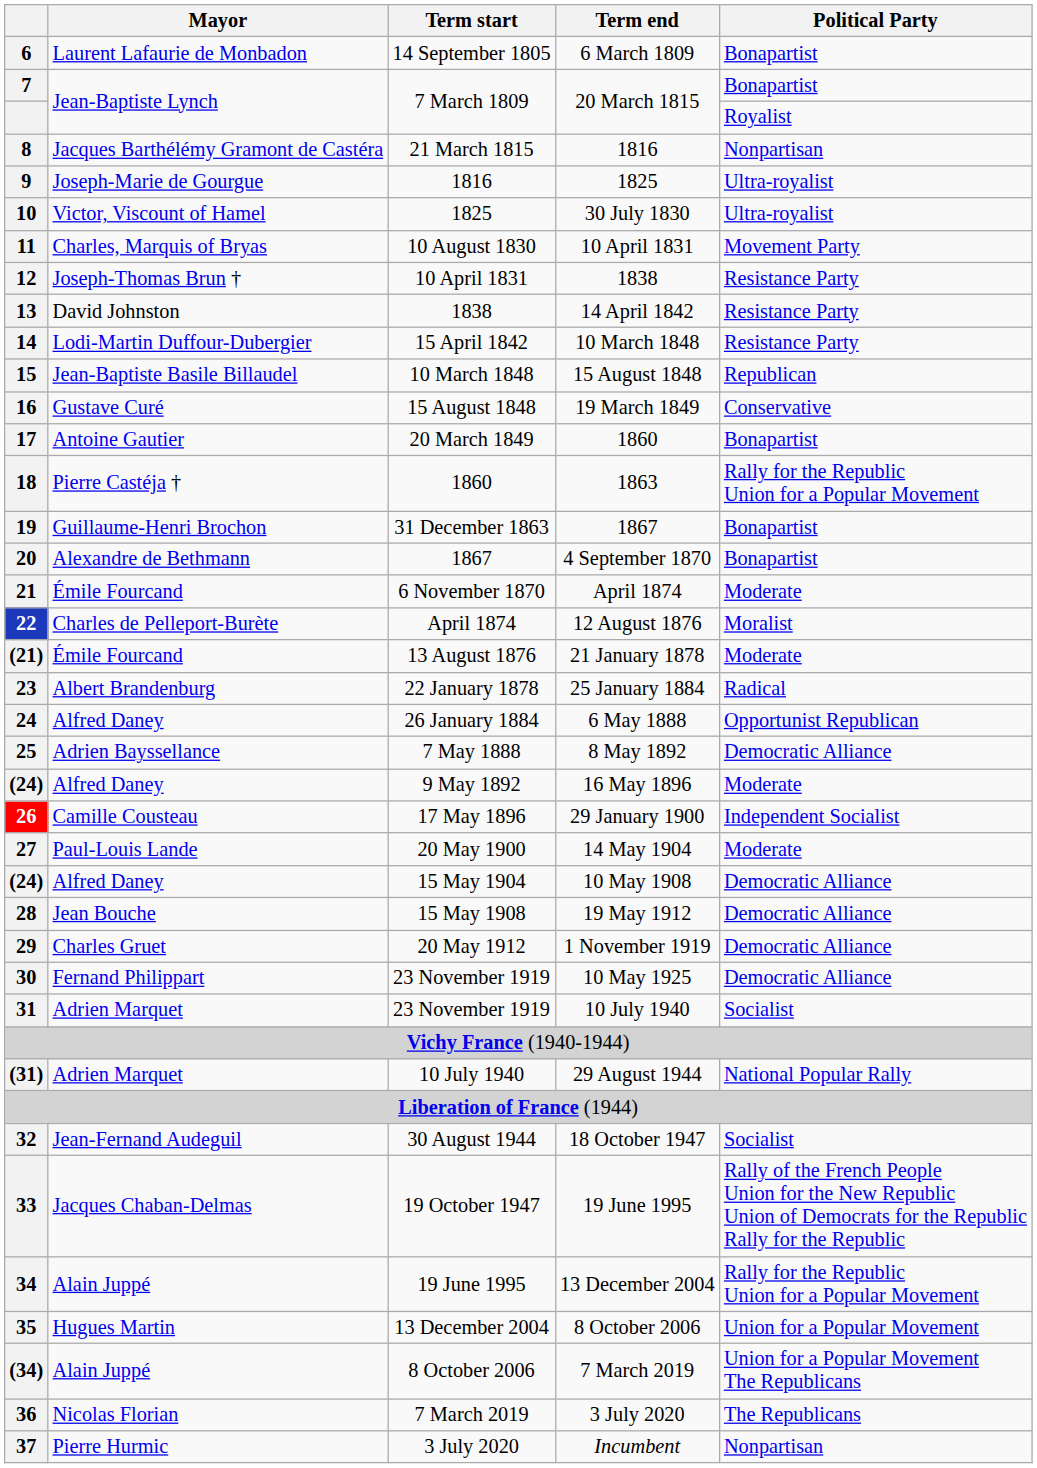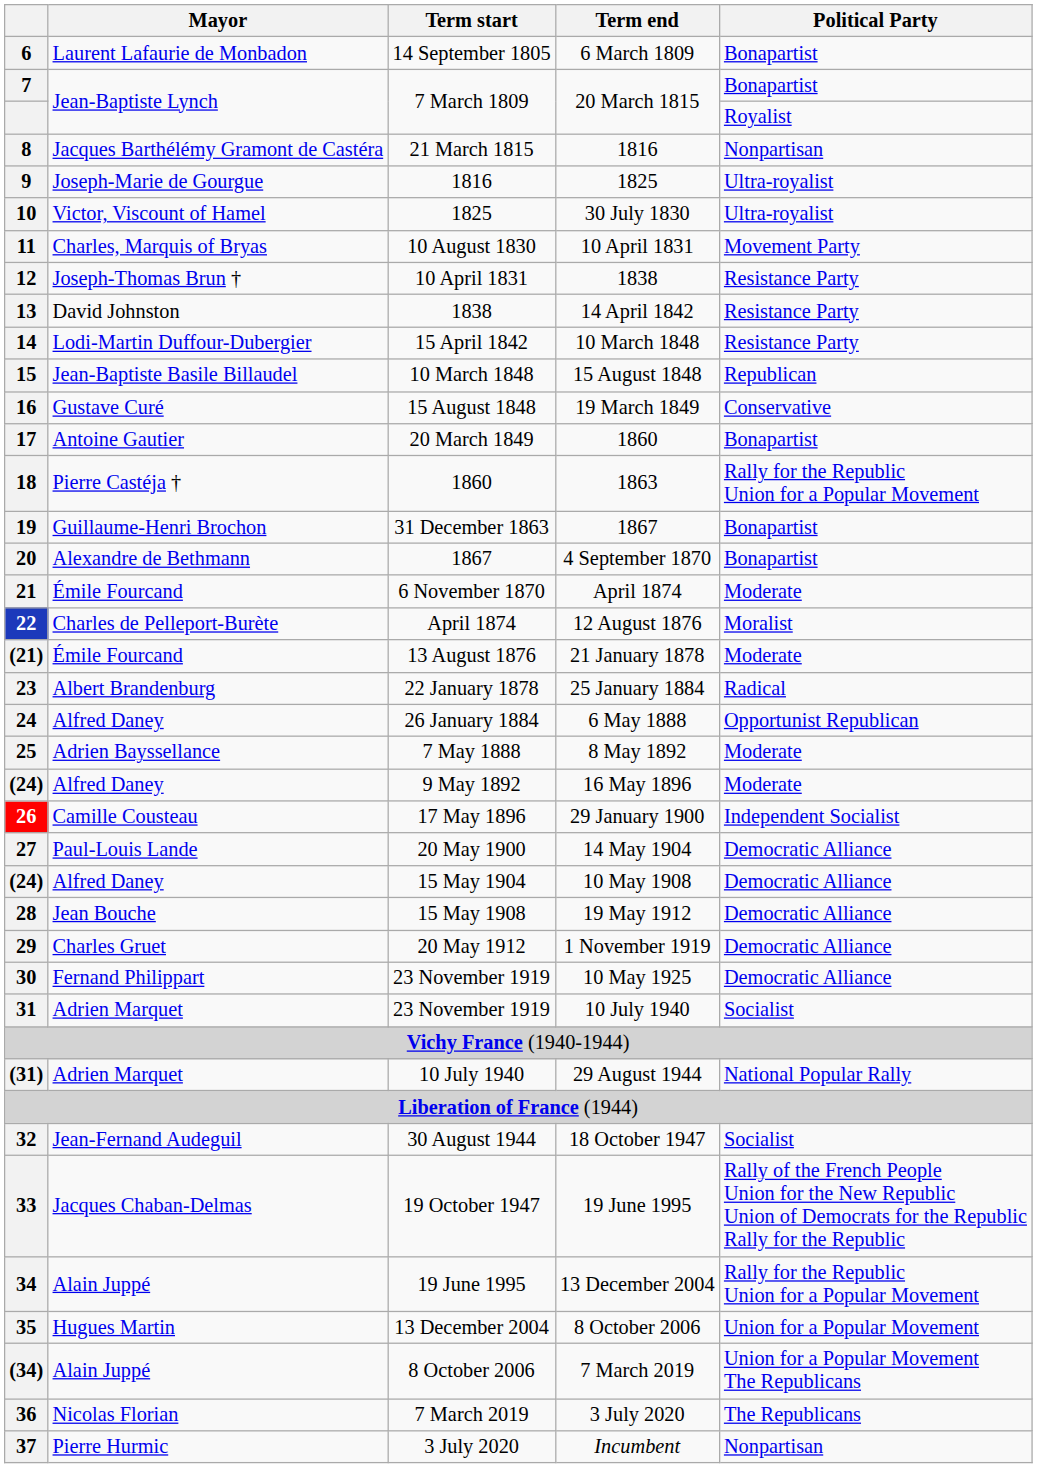 <table class="wikitable">
 <tr>
 <th class=unsortable> </th>
 <th>Mayor</th>
 <th>Term start</th>
 <th>Term end</th>
 <th>Political Party</th>
 </tr>
 <tr>
 <th style="background:">6</th>
 <td><a href='#'>Laurent Lafaurie de Monbadon</a></td>
 <td align=center>14 September 1805</td>
 <td align=center>6 March 1809</td>
 <td><a href='#'>Bonapartist</a></td>
 </tr>
 <tr>
 <th style="background:">7</th>
 <td rowspan=2><a href='#'>Jean-Baptiste Lynch</a></td>
 <td rowspan=2 align=center>7 March 1809</td>
 <td rowspan=2 align=center>20 March 1815</td>
 <td><a href='#'>Bonapartist</a></td>
 </tr>
 <tr>
 <th style="background:"></th>
 <td><a href='#'>Royalist</a></td>
 </tr>
 <tr>
 <th style="background:">8</th>
 <td><a href='#'>Jacques Barthélémy Gramont de Castéra</a></td>
 <td align=center>21 March 1815</td>
 <td align=center>1816</td>
 <td><a href='#'>Nonpartisan</a></td>
 </tr>
 <tr>
 <th style="background:">9</th>
 <td><a href='#'>Joseph-Marie de Gourgue</a></td>
 <td align=center>1816</td>
 <td align=center>1825</td>
 <td><a href='#'>Ultra-royalist</a></td>
 </tr>
 <tr>
 <th style="background:">10</th>
 <td><a href='#'>Victor, Viscount of Hamel</a></td>
 <td align=center>1825</td>
 <td align=center>30 July 1830</td>
 <td><a href='#'>Ultra-royalist</a></td>
 </tr>
 <tr>
 <th style="background:">11</th>
 <td><a href='#'>Charles, Marquis of Bryas</a></td>
 <td align=center>10 August 1830</td>
 <td align=center>10 April 1831</td>
 <td><a href='#'>Movement Party</a></td>
 </tr>
 <tr>
 <th style="background:">12</th>
 <td><a href='#'>Joseph-Thomas Brun</a> †</td>
 <td align=center>10 April 1831</td>
 <td align=center>1838</td>
 <td><a href='#'>Resistance Party</a></td>
 </tr>
 <tr>
 <th style="background:">13</th>
 <td>David Johnston</td>
 <td align=center>1838</td>
 <td align=center>14 April 1842</td>
 <td><a href='#'>Resistance Party</a></td>
 </tr>
 <tr>
 <th style="background:">14</th>
 <td><a href='#'>Lodi-Martin Duffour-Dubergier</a></td>
 <td align=center>15 April 1842</td>
 <td align=center>10 March 1848</td>
 <td><a href='#'>Resistance Party</a></td>
 </tr>
 <tr>
 <th style="background:">15</th>
 <td><a href='#'>Jean-Baptiste Basile Billaudel</a></td>
 <td align=center>10 March 1848</td>
 <td align=center>15 August 1848</td>
 <td><a href='#'>Republican</a></td>
 </tr>
 <tr>
 <th style="background:">16</th>
 <td><a href='#'>Gustave Curé</a></td>
 <td align=center>15 August 1848</td>
 <td align=center>19 March 1849</td>
 <td><a href='#'>Conservative</a></td>
 </tr>
 <tr>
 <th style="background:">17</th>
 <td><a href='#'>Antoine Gautier</a></td>
 <td align=center>20 March 1849</td>
 <td align=center>1860</td>
 <td><a href='#'>Bonapartist</a></td>
 </tr>
 <tr>
 <th style="background:">18</th>
 <td><a href='#'>Pierre Castéja</a> †</td>
 <td align=center>1860</td>
 <td align=center>1863</td>
 <td><a href='#'>Rally for the Republic</a><br><a href='#'>Union for a Popular Movement</a></td>
 </tr>
 <tr>
 <th style="background:">19</th>
 <td><a href='#'>Guillaume-Henri Brochon</a></td>
 <td align=center>31 December 1863</td>
 <td align=center>1867</td>
 <td><a href='#'>Bonapartist</a></td>
 </tr>
 <tr>
 <th style="background:">20</th>
 <td><a href='#'>Alexandre de Bethmann</a></td>
 <td align=center>1867</td>
 <td align=center>4 September 1870</td>
 <td><a href='#'>Bonapartist</a></td>
 </tr>
 <tr>
 <th style="background:">21</th>
 <td><a href='#'>Émile Fourcand</a></td>
 <td align=center>6 November 1870</td>
 <td align=center>April 1874</td>
 <td><a href='#'>Moderate</a></td>
 </tr>
 <tr>
 <th style="background:#1C39BB; color:white">22</th>
 <td><a href='#'>Charles de Pelleport-Burète</a></td>
 <td align=center>April 1874</td>
 <td align=center>12 August 1876</td>
 <td><a href='#'>Moralist</a></td>
 </tr>
 <tr>
 <th style="background:">(21)</th>
 <td><a href='#'>Émile Fourcand</a></td>
 <td align=center>13 August 1876</td>
 <td align=center>21 January 1878</td>
 <td><a href='#'>Moderate</a></td>
 </tr>
 <tr>
 <th style="background:">23</th>
 <td><a href='#'>Albert Brandenburg</a></td>
 <td align=center>22 January 1878</td>
 <td align=center>25 January 1884</td>
 <td><a href='#'>Radical</a></td>
 </tr>
 <tr>
 <th style="background:">24</th>
 <td><a href='#'>Alfred Daney</a></td>
 <td align=center>26 January 1884</td>
 <td align=center>6 May 1888</td>
 <td><a href='#'>Opportunist Republican</a></td>
 </tr>
 <tr>
 <th style="background:">25</th>
 <td><a href='#'>Adrien Bayssellance</a></td>
 <td align=center>7 May 1888</td>
 <td align=center>8 May 1892</td>
-<td><a href='#'>Democratic Alliance</a></td>
+<td><a href='#'>Moderate</a></td>
 </tr>
 <tr>
 <th style="background:">(24)</th>
 <td><a href='#'>Alfred Daney</a></td>
 <td align=center>9 May 1892</td>
 <td align=center>16 May 1896</td>
 <td><a href='#'>Moderate</a></td>
 </tr>
 <tr>
 <th style="background:#FF0000; color:white">26</th>
 <td><a href='#'>Camille Cousteau</a></td>
 <td align=center>17 May 1896</td>
 <td align=center>29 January 1900</td>
 <td><a href='#'>Independent Socialist</a></td>
 </tr>
 <tr>
 <th style="background:">27</th>
 <td><a href='#'>Paul-Louis Lande</a></td>
 <td align=center>20 May 1900</td>
 <td align=center>14 May 1904</td>
-<td><a href='#'>Moderate</a></td>
+<td><a href='#'>Democratic Alliance</a></td>
 </tr>
 <tr>
 <th style="background:">(24)</th>
 <td><a href='#'>Alfred Daney</a></td>
 <td align=center>15 May 1904</td>
 <td align=center>10 May 1908</td>
 <td><a href='#'>Democratic Alliance</a></td>
 </tr>
 <tr>
 <th style="background:">28</th>
 <td><a href='#'>Jean Bouche</a></td>
 <td align=center>15 May 1908</td>
 <td align=center>19 May 1912</td>
 <td><a href='#'>Democratic Alliance</a></td>
 </tr>
 <tr>
 <th style="background:">29</th>
 <td><a href='#'>Charles Gruet</a></td>
 <td align=center>20 May 1912</td>
 <td align=center>1 November 1919</td>
 <td><a href='#'>Democratic Alliance</a></td>
 </tr>
 <tr>
 <th style="background:">30</th>
 <td><a href='#'>Fernand Philippart</a></td>
 <td align=center>23 November 1919</td>
 <td align=center>10 May 1925</td>
 <td><a href='#'>Democratic Alliance</a></td>
 </tr>
 <tr>
 <th style="background:">31</th>
 <td><a href='#'>Adrien Marquet</a></td>
 <td align=center>23 November 1919</td>
 <td align=center>10 July 1940</td>
 <td><a href='#'>Socialist</a></td>
 </tr>
 <tr>
 <td colspan="8" bgcolor="lightgrey" align=center><strong><a href='#'>Vichy France</a></strong> (1940-1944)</td>
 </tr>
 <tr>
 <th style="background:">(31)</th>
 <td><a href='#'>Adrien Marquet</a></td>
 <td align=center>10 July 1940</td>
 <td align=center>29 August 1944</td>
 <td><a href='#'>National Popular Rally</a></td>
 </tr>
 <tr>
 <td colspan="8" bgcolor="lightgrey" align=center><strong><a href='#'>Liberation of France</a></strong> (1944)</td>
 </tr>
 <tr>
 <th style="background:">32</th>
 <td><a href='#'>Jean-Fernand Audeguil</a></td>
 <td align=center>30 August 1944</td>
 <td align=center>18 October 1947</td>
 <td><a href='#'>Socialist</a></td>
 </tr>
 <tr>
 <th style="background:">33</th>
 <td><a href='#'>Jacques Chaban-Delmas</a></td>
 <td align=center>19 October 1947</td>
 <td align=center>19 June 1995</td>
 <td><a href='#'>Rally of the French People</a><br><a href='#'>Union for the New Republic</a><br><a href='#'>Union of Democrats for the Republic</a><br><a href='#'>Rally for the Republic</a></td>
 </tr>
 <tr>
 <th style="background:">34</th>
 <td><a href='#'>Alain Juppé</a></td>
 <td align=center>19 June 1995</td>
 <td align=center>13 December 2004</td>
 <td><a href='#'>Rally for the Republic</a><br><a href='#'>Union for a Popular Movement</a></td>
 </tr>
 <tr>
 <th style="background:">35</th>
 <td><a href='#'>Hugues Martin</a></td>
 <td align=center>13 December 2004</td>
 <td align=center>8 October 2006</td>
 <td><a href='#'>Union for a Popular Movement</a></td>
 </tr>
 <tr>
 <th style="background:">(34)</th>
 <td><a href='#'>Alain Juppé</a></td>
 <td align=center>8 October 2006</td>
 <td align=center>7 March 2019</td>
 <td><a href='#'>Union for a Popular Movement</a><br><a href='#'>The Republicans</a></td>
 </tr>
 <tr>
 <th style="background:">36</th>
 <td><a href='#'>Nicolas Florian</a></td>
 <td align=center>7 March 2019</td>
 <td align=center>3 July 2020</td>
 <td><a href='#'>The Republicans</a></td>
 </tr>
 <tr>
 <th style="background:">37</th>
 <td><a href='#'>Pierre Hurmic</a></td>
 <td align=center>3 July 2020</td>
 <td align=center><em>Incumbent</em></td>
 <td><a href='#'>Nonpartisan</a></td>
 </tr>
 </table>
